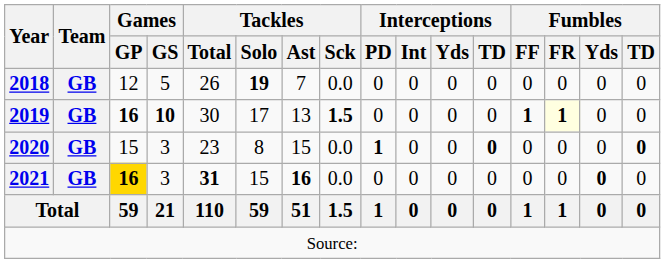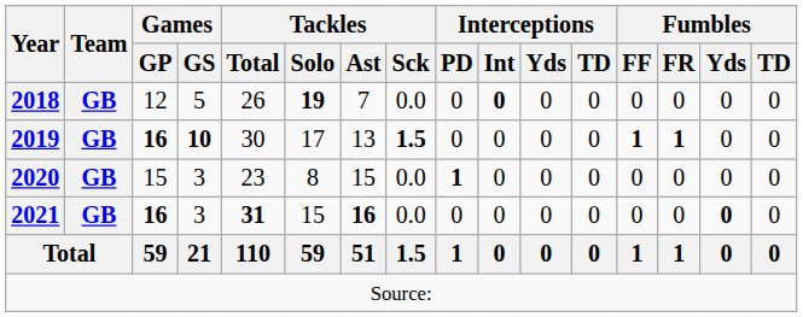 <table class="wikitable" style="text-align:center;">
 <tr>
 <th rowspan="2">Year</th>
 <th rowspan="2">Team</th>
 <th colspan="2">Games</th>
 <th colspan="4">Tackles</th>
 <th colspan="4">Interceptions</th>
 <th colspan="4">Fumbles</th>
 </tr>
 <tr>
 <th>GP</th>
 <th>GS</th>
 <th>Total</th>
 <th>Solo</th>
 <th>Ast</th>
 <th>Sck</th>
 <th>PD</th>
 <th>Int</th>
 <th>Yds</th>
 <th>TD</th>
 <th>FF</th>
 <th>FR</th>
 <th>Yds</th>
 <th>TD</th>
 </tr>
 <tr>
 <th><a href='#'>2018</a></th>
 <th><a href='#'>GB</a></th>
 <td>12</td>
 <td>5</td>
 <td>26</td>
 <td><strong>19</strong></td>
 <td>7</td>
 <td>0.0</td>
 <td>0</td>
-<td>0</td>
+<td><strong>0</strong></td>
 <td>0</td>
 <td>0</td>
 <td>0</td>
 <td>0</td>
 <td>0</td>
 <td>0</td>
 </tr>
 <tr>
 <th><a href='#'>2019</a></th>
 <th><a href='#'>GB</a></th>
 <td><strong>16</strong></td>
 <td><strong>10</strong></td>
 <td>30</td>
 <td>17</td>
 <td>13</td>
 <td><strong>1.5</strong></td>
 <td>0</td>
 <td>0</td>
 <td>0</td>
 <td>0</td>
 <td><strong>1</strong></td>
-<td style="background: lightyellow;"><strong>1</strong></td>
+<td><strong>1</strong></td>
 <td>0</td>
 <td>0</td>
 </tr>
 <tr>
 <th><a href='#'>2020</a></th>
 <th><a href='#'>GB</a></th>
 <td>15</td>
 <td>3</td>
 <td>23</td>
 <td>8</td>
 <td>15</td>
 <td>0.0</td>
 <td><strong>1</strong></td>
 <td>0</td>
 <td>0</td>
-<td><strong>0</strong></td>
 <td>0</td>
 <td>0</td>
 <td>0</td>
-<td><strong>0</strong></td>
+<td>0</td>
+<td>0</td>
 </tr>
 <tr>
 <th><a href='#'>2021</a></th>
 <th><a href='#'>GB</a></th>
-<td style="background: gold;"><strong>16</strong></td>
+<td><strong>16</strong></td>
 <td>3</td>
 <td><strong>31</strong></td>
 <td>15</td>
 <td><strong>16</strong></td>
 <td>0.0</td>
 <td>0</td>
 <td>0</td>
 <td>0</td>
 <td>0</td>
 <td>0</td>
 <td>0</td>
 <td><strong>0</strong></td>
 <td>0</td>
 </tr>
 <tr>
 <th colspan="2">Total</th>
 <th>59</th>
 <th>21</th>
 <th>110</th>
 <th>59</th>
 <th>51</th>
 <th>1.5</th>
 <th>1</th>
 <th>0</th>
 <th>0</th>
 <th>0</th>
 <th>1</th>
 <th>1</th>
 <th>0</th>
 <th>0</th>
 </tr>
 <tr>
 <td colspan=16><small>Source: </small></td>
 </tr>
 </table>
